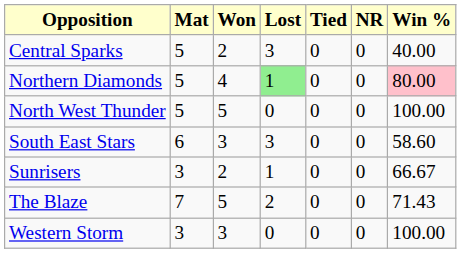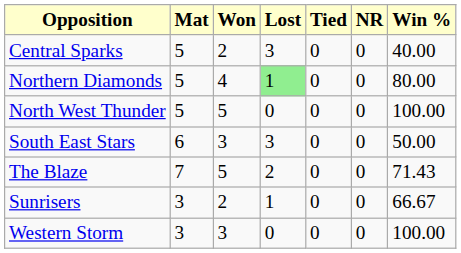 <table class="wikitable sortable">
 <tr>
 <th style="background:#ffc;">Opposition</th>
 <th style="background:#ffc;">Mat</th>
 <th style="background:#ffc;">Won</th>
 <th style="background:#ffc;">Lost</th>
 <th style="background:#ffc;">Tied</th>
 <th style="background:#ffc;">NR</th>
 <th style="background:#ffc;">Win %</th>
 </tr>
 <tr>
 <td><a href='#'>Central Sparks</a></td>
 <td>5</td>
 <td>2</td>
 <td>3</td>
 <td>0</td>
 <td>0</td>
 <td>40.00</td>
 </tr>
 <tr>
 <td><a href='#'>Northern Diamonds</a></td>
 <td>5</td>
 <td>4</td>
 <td style="background: lightgreen;">1</td>
 <td>0</td>
 <td>0</td>
-<td style="background: pink;">80.00</td>
+<td>80.00</td>
 </tr>
 <tr>
 <td><a href='#'>North West Thunder</a></td>
 <td>5</td>
 <td>5</td>
 <td>0</td>
 <td>0</td>
 <td>0</td>
 <td>100.00</td>
 </tr>
 <tr>
 <td><a href='#'>South East Stars</a></td>
 <td>6</td>
 <td>3</td>
 <td>3</td>
 <td>0</td>
 <td>0</td>
-<td>58.60</td>
+<td>50.00</td>
+</tr>
+<tr>
+<td><a href='#'>The Blaze</a></td>
+<td>7</td>
+<td>5</td>
+<td>2</td>
+<td>0</td>
+<td>0</td>
+<td>71.43</td>
 </tr>
 <tr>
 <td><a href='#'>Sunrisers</a></td>
 <td>3</td>
 <td>2</td>
 <td>1</td>
 <td>0</td>
 <td>0</td>
 <td>66.67</td>
 </tr>
 <tr>
-<td><a href='#'>The Blaze</a></td>
-<td>7</td>
-<td>5</td>
-<td>2</td>
-<td>0</td>
-<td>0</td>
-<td>71.43</td>
-</tr>
-<tr>
 <td><a href='#'>Western Storm</a></td>
 <td>3</td>
 <td>3</td>
 <td>0</td>
 <td>0</td>
 <td>0</td>
 <td>100.00</td>
 </tr>
 </table>
